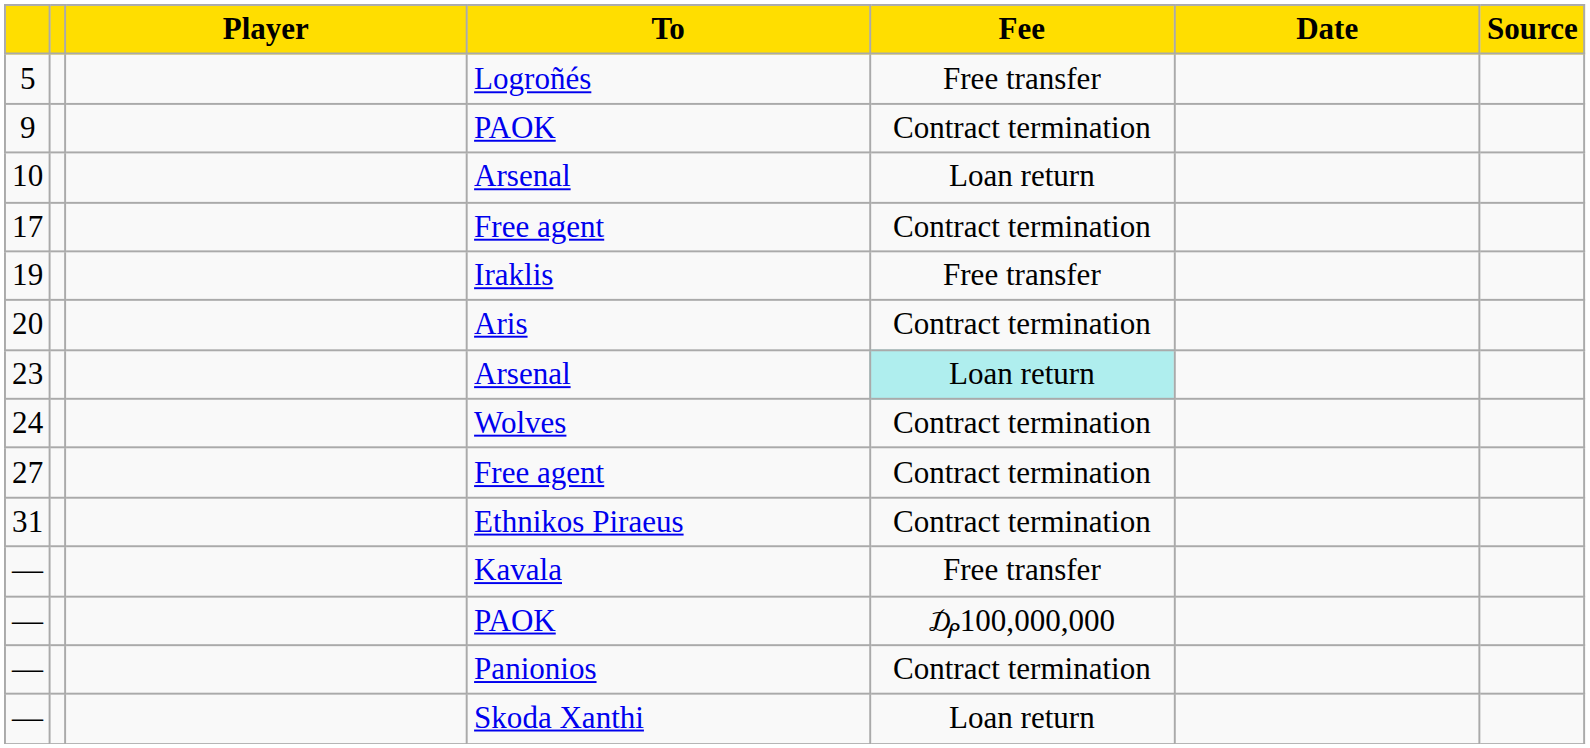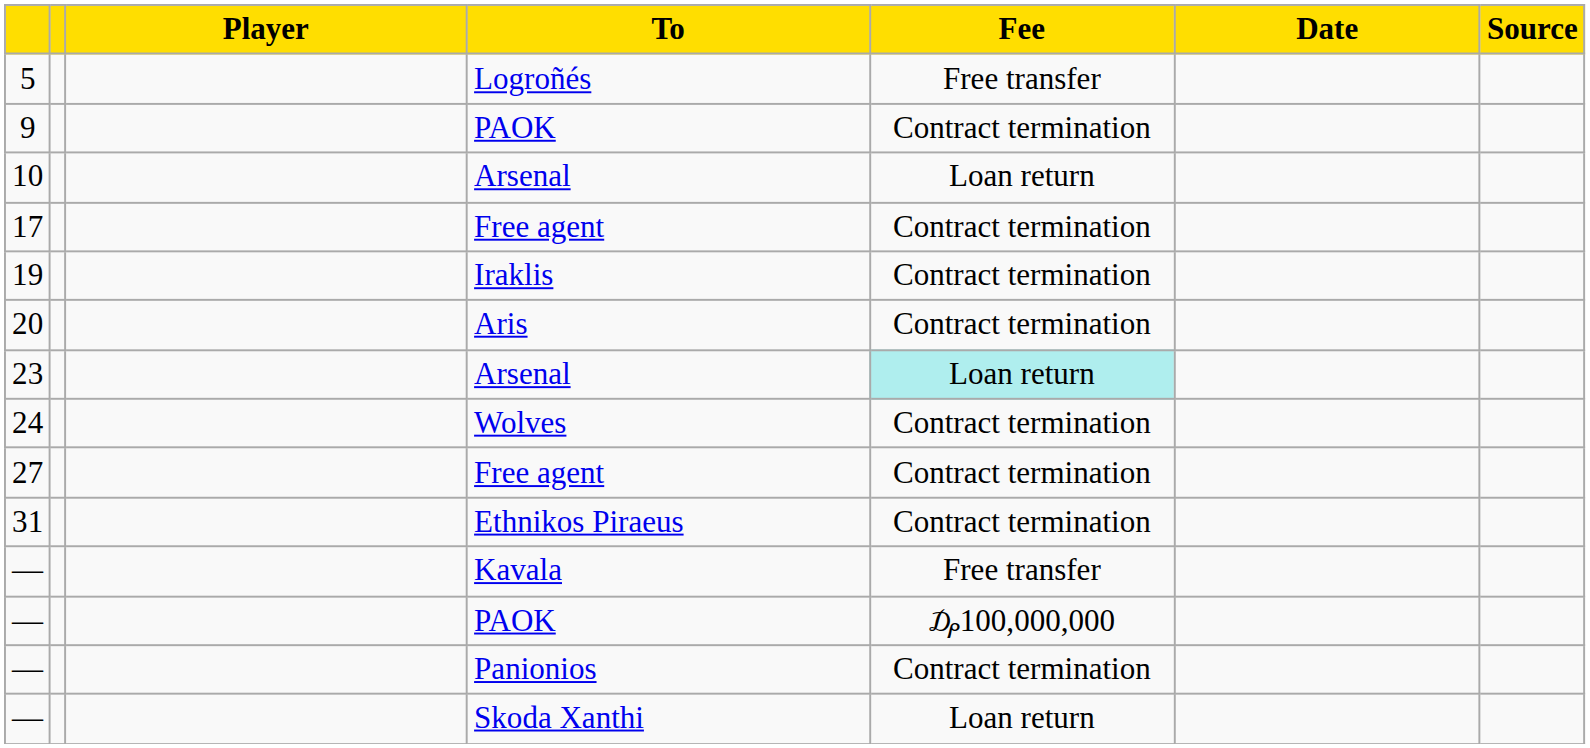 <table class="wikitable sortable">
 <tr>
 <th style="background:#FFDE00"></th>
 <th style="background:#FFDE00"></th>
 <th width=200 style="background:#FFDE00">Player</th>
 <th width=200 style="background:#FFDE00">To</th>
 <th width=150 style="background:#FFDE00">Fee</th>
 <th width=150 style="background:#FFDE00">Date</th>
 <th style="background:#FFDE00">Source</th>
 </tr>
 <tr>
 <td align=center>5</td>
 <td align=center></td>
 <td></td>
 <td> <a href='#'>Logroñés</a></td>
 <td align=center>Free transfer</td>
 <td align=center></td>
 <td align=center></td>
 </tr>
 <tr>
 <td align=center>9</td>
 <td align=center></td>
 <td></td>
 <td> <a href='#'>PAOK</a></td>
 <td align=center>Contract termination</td>
 <td align=center></td>
 <td align=center></td>
 </tr>
 <tr>
 <td align=center>10</td>
 <td align=center></td>
 <td></td>
 <td> <a href='#'>Arsenal</a></td>
 <td align=center>Loan return</td>
 <td align=center></td>
 <td align=center></td>
 </tr>
 <tr>
 <td align=center>17</td>
 <td align=center></td>
 <td></td>
 <td><a href='#'>Free agent</a></td>
 <td align=center>Contract termination</td>
 <td align=center></td>
 <td align=center></td>
 </tr>
 <tr>
 <td align=center>19</td>
 <td align=center></td>
 <td></td>
 <td> <a href='#'>Iraklis</a></td>
-<td align=center>Free transfer</td>
+<td align=center>Contract termination</td>
 <td align=center></td>
 <td align=center></td>
 </tr>
 <tr>
 <td align=center>20</td>
 <td align=center></td>
 <td></td>
 <td> <a href='#'>Aris</a></td>
 <td align=center>Contract termination</td>
 <td align=center></td>
 <td align=center></td>
 </tr>
 <tr>
 <td align=center>23</td>
 <td align=center></td>
 <td></td>
 <td> <a href='#'>Arsenal</a></td>
 <td align=center style="background: paleturquoise;">Loan return</td>
 <td align=center></td>
 <td align=center></td>
 </tr>
 <tr>
 <td align=center>24</td>
 <td align=center></td>
 <td></td>
 <td> <a href='#'>Wolves</a></td>
 <td align=center>Contract termination</td>
 <td align=center></td>
 <td align=center></td>
 </tr>
 <tr>
 <td align=center>27</td>
 <td align=center></td>
 <td></td>
 <td><a href='#'>Free agent</a></td>
 <td align=center>Contract termination</td>
 <td align=center></td>
 <td align=center></td>
 </tr>
 <tr>
 <td align=center>31</td>
 <td align=center></td>
 <td></td>
 <td> <a href='#'>Ethnikos Piraeus</a></td>
 <td align=center>Contract termination</td>
 <td align=center></td>
 <td align=center></td>
 </tr>
 <tr>
 <td align=center>—</td>
 <td align=center></td>
 <td></td>
 <td> <a href='#'>Kavala</a></td>
 <td align=center>Free transfer</td>
 <td align=center></td>
 <td align=center></td>
 </tr>
 <tr>
 <td align=center>—</td>
 <td align=center></td>
 <td></td>
 <td> <a href='#'>PAOK</a></td>
 <td align=center>₯100,000,000</td>
 <td align=center></td>
 <td align=center></td>
 </tr>
 <tr>
 <td align=center>—</td>
 <td align=center></td>
 <td></td>
 <td> <a href='#'>Panionios</a></td>
 <td align=center>Contract termination</td>
 <td align=center></td>
 <td align=center></td>
 </tr>
 <tr>
 <td align=center>—</td>
 <td align=center></td>
 <td></td>
 <td> <a href='#'>Skoda Xanthi</a></td>
 <td align=center>Loan return</td>
 <td align=center></td>
 <td align=center></td>
 </tr>
 </table>
